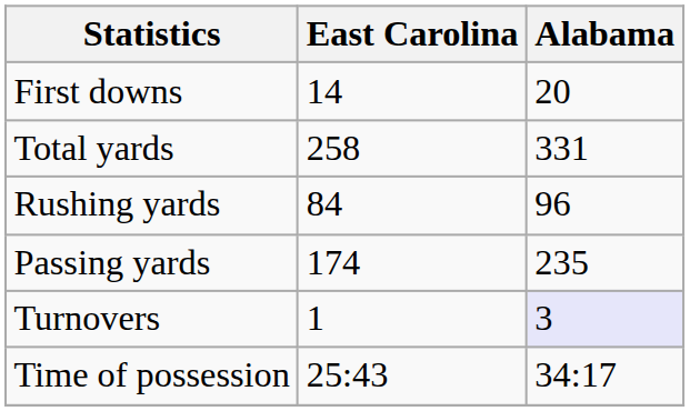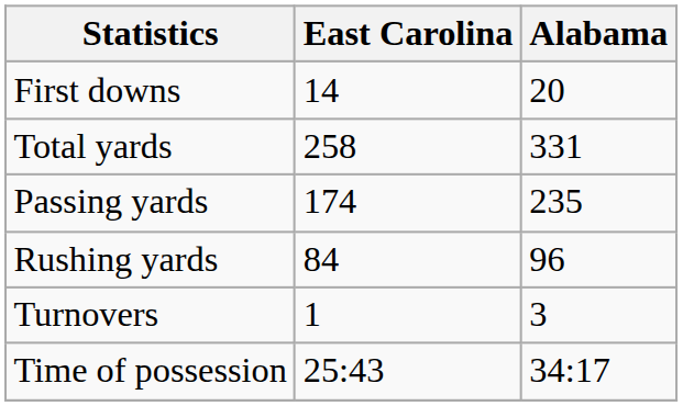 <table class="wikitable" style="float: left;">
 <tr>
 <th>Statistics</th>
 <th>East Carolina</th>
 <th>Alabama</th>
 </tr>
 <tr>
 <td>First downs</td>
 <td>14</td>
 <td>20</td>
 </tr>
 <tr>
 <td>Total yards</td>
 <td>258</td>
 <td>331</td>
 </tr>
 <tr>
+<td>Passing yards</td>
+<td>174</td>
+<td>235</td>
+</tr>
+<tr>
 <td>Rushing yards</td>
 <td>84</td>
 <td>96</td>
 </tr>
 <tr>
-<td>Passing yards</td>
-<td>174</td>
-<td>235</td>
-</tr>
-<tr>
 <td>Turnovers</td>
 <td>1</td>
-<td style="background: lavender;">3</td>
+<td>3</td>
 </tr>
 <tr>
 <td>Time of possession</td>
 <td>25:43</td>
 <td>34:17</td>
 </tr>
 <tr>
 </tr>
 </table>
